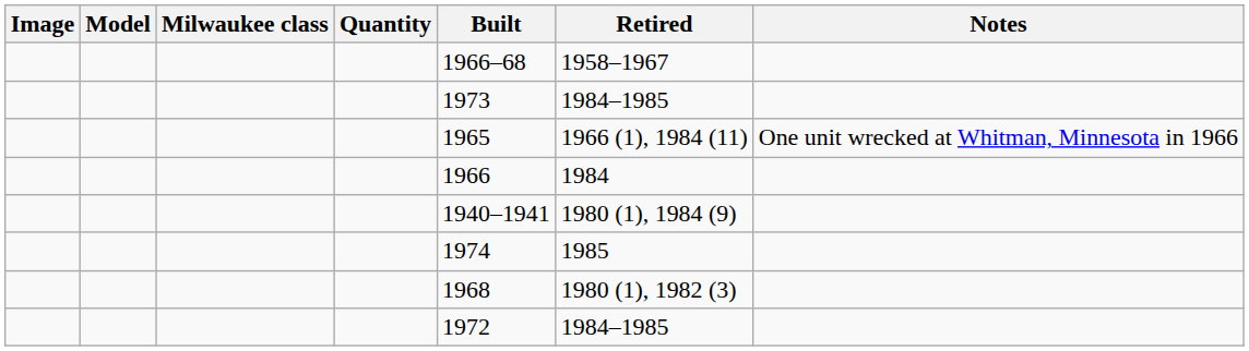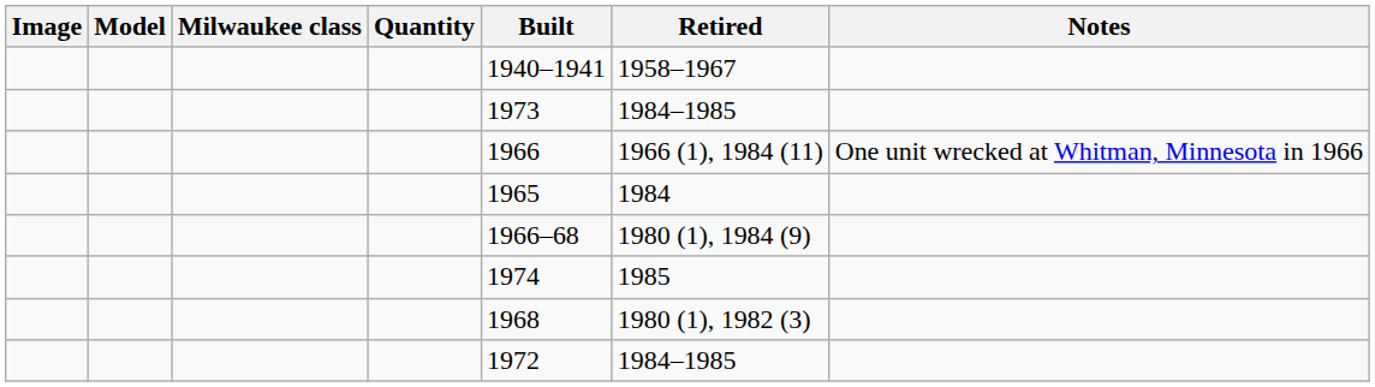 <table class="wikitable sortable">
 <tr>
 <th>Image</th>
 <th>Model</th>
 <th>Milwaukee class</th>
 <th>Quantity</th>
 <th>Built</th>
 <th>Retired</th>
 <th>Notes</th>
 </tr>
 <tr>
 <td></td>
 <td></td>
 <td></td>
 <td></td>
-<td>1966–68</td>
+<td>1940–1941</td>
 <td>1958–1967</td>
 <td></td>
 </tr>
 <tr>
 <td></td>
 <td></td>
 <td></td>
 <td></td>
 <td>1973</td>
 <td>1984–1985</td>
 <td></td>
 </tr>
 <tr>
 <td></td>
 <td></td>
 <td></td>
 <td></td>
-<td>1965</td>
+<td>1966</td>
 <td>1966 (1), 1984 (11)</td>
 <td>One unit wrecked at <a href='#'>Whitman, Minnesota</a> in 1966</td>
 </tr>
 <tr>
 <td></td>
 <td></td>
 <td></td>
 <td></td>
-<td>1966</td>
+<td>1965</td>
 <td>1984</td>
 <td></td>
 </tr>
 <tr>
 <td></td>
 <td></td>
 <td></td>
 <td></td>
-<td>1940–1941</td>
+<td>1966–68</td>
 <td>1980 (1), 1984 (9)</td>
 <td></td>
 </tr>
 <tr>
 <td></td>
 <td></td>
 <td></td>
 <td></td>
 <td>1974</td>
 <td>1985</td>
 <td></td>
 </tr>
 <tr>
 <td></td>
 <td></td>
 <td></td>
 <td></td>
 <td>1968</td>
 <td>1980 (1), 1982 (3)</td>
 <td></td>
 </tr>
 <tr>
 <td></td>
 <td></td>
 <td></td>
 <td></td>
 <td>1972</td>
 <td>1984–1985</td>
 <td></td>
 </tr>
 </table>
